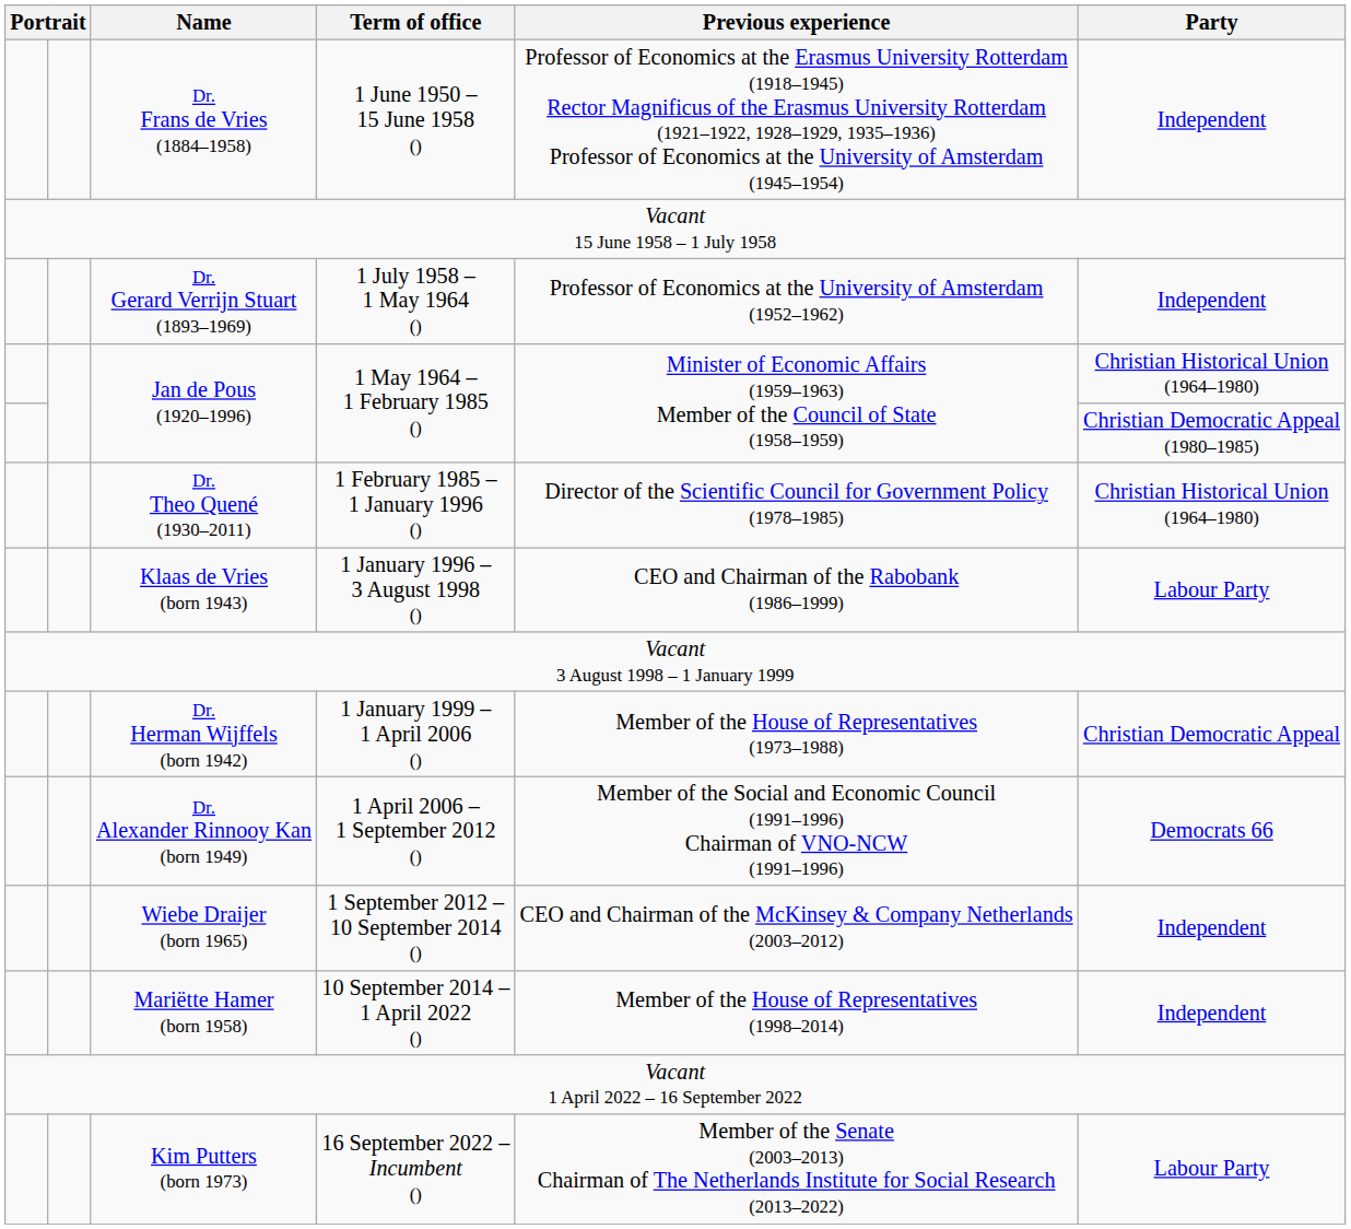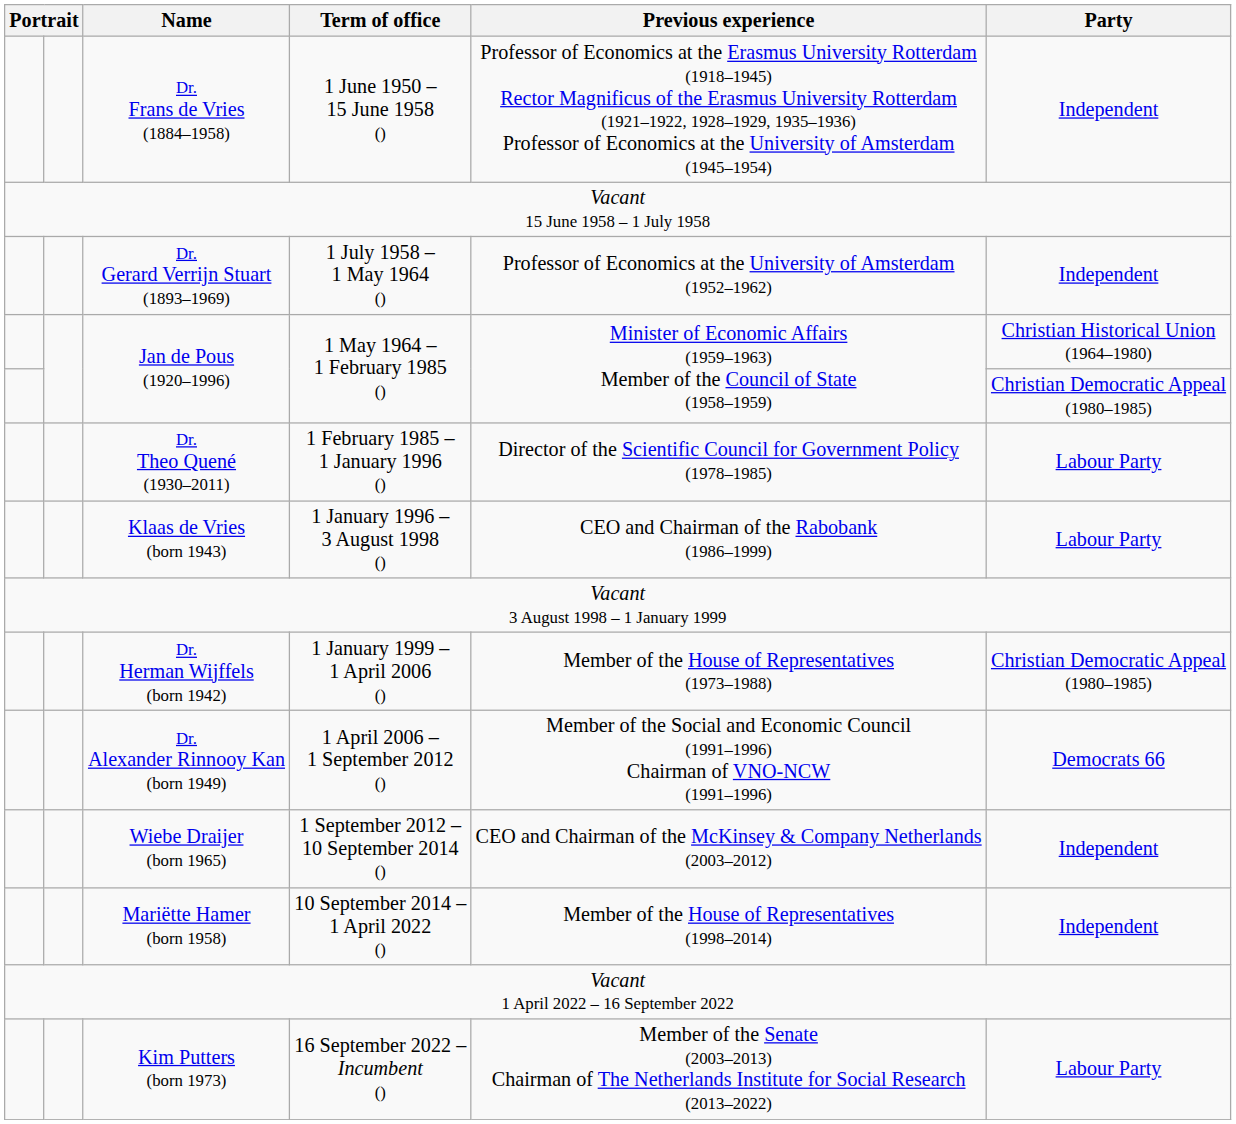 <table class="wikitable" style="text-align:center">
 <tr>
 <th colspan=2>Portrait</th>
 <th>Name</th>
 <th>Term of office</th>
 <th>Previous experience</th>
 <th>Party</th>
 </tr>
 <tr>
 <td style="background:"></td>
 <td></td>
 <td><small><a href='#'>Dr.</a></small> <br> <a href='#'>Frans de Vries</a> <br> <small>(1884–1958)</small></td>
 <td>1 June 1950 – <br> 15 June 1958 <br> <small>()</small> <br> </td>
 <td>Professor of Economics at the <a href='#'>Erasmus University Rotterdam</a> <br> <small>(1918–1945)</small> <br> <a href='#'>Rector Magnificus of the Erasmus University Rotterdam</a> <br> <small>(1921–1922, 1928–1929, 1935–1936)</small> <br> Professor of Economics at the <a href='#'>University of Amsterdam</a> <br> <small>(1945–1954)</small></td>
 <td><a href='#'>Independent</a></td>
 </tr>
 <tr>
 <td colspan=7><em>Vacant</em> <br> <small>15 June 1958 – 1 July 1958</small></td>
 </tr>
 <tr>
 <td style="background:"></td>
 <td></td>
 <td><small><a href='#'>Dr.</a></small> <br> <a href='#'>Gerard Verrijn Stuart</a> <br> <small>(1893–1969)</small></td>
 <td>1 July 1958 – <br> 1 May 1964 <br> <small>()</small></td>
 <td>Professor of Economics at the <a href='#'>University of Amsterdam</a> <br> <small>(1952–1962)</small></td>
 <td><a href='#'>Independent</a></td>
 </tr>
 <tr>
 <td style="background:"></td>
 <td rowspan=2></td>
 <td rowspan=2><a href='#'>Jan de Pous</a> <br> <small>(1920–1996)</small></td>
 <td rowspan=2>1 May 1964 – <br> 1 February 1985 <br> <small>()</small></td>
 <td rowspan=2><a href='#'>Minister of Economic Affairs</a> <br> <small>(1959–1963)</small> <br> Member of the <a href='#'>Council of State</a> <br> <small>(1958–1959)</small></td>
 <td><a href='#'>Christian Historical Union</a> <br> <small>(1964–1980)</small></td>
 </tr>
 <tr>
 <td style="background:"></td>
 <td><a href='#'>Christian Democratic Appeal</a> <br> <small>(1980–1985)</small></td>
 </tr>
 <tr>
 <td style="background:"></td>
 <td></td>
 <td><small><a href='#'>Dr.</a></small> <br> <a href='#'>Theo Quené</a> <br> <small>(1930–2011)</small></td>
 <td>1 February 1985 – <br> 1 January 1996 <br> <small>()</small></td>
 <td>Director of the <a href='#'>Scientific Council for Government Policy</a> <br> <small>(1978–1985)</small></td>
-<td><a href='#'>Christian Historical Union</a> <br> <small>(1964–1980)</small></td>
+<td><a href='#'>Labour Party</a></td>
 </tr>
 <tr>
 <td style="background:"></td>
 <td></td>
 <td><a href='#'>Klaas de Vries</a> <br> <small>(born 1943)</small></td>
 <td>1 January 1996 – <br> 3 August 1998 <br> <small>()</small> <br>  </td>
 <td>CEO and Chairman of the <a href='#'>Rabobank</a> <br> <small>(1986–1999)</small></td>
 <td><a href='#'>Labour Party</a></td>
 </tr>
 <tr>
 <td colspan=7><em>Vacant</em> <br> <small>3 August 1998 – 1 January 1999</small></td>
 </tr>
 <tr>
 <td style="background:"></td>
 <td></td>
 <td><small><a href='#'>Dr.</a></small> <br> <a href='#'>Herman Wijffels</a> <br> <small>(born 1942)</small></td>
 <td>1 January 1999 – <br> 1 April 2006 <br> <small>()</small></td>
 <td>Member of the <a href='#'>House of Representatives</a> <br> <small>(1973–1988)</small></td>
-<td><a href='#'>Christian Democratic Appeal</a></td>
+<td><a href='#'>Christian Democratic Appeal</a> <br> <small>(1980–1985)</small></td>
 </tr>
 <tr>
 <td style="background:"></td>
 <td></td>
 <td><small><a href='#'>Dr.</a></small> <br> <a href='#'>Alexander Rinnooy Kan</a> <br> <small>(born 1949)</small></td>
 <td>1 April 2006 – <br> 1 September 2012 <br> <small>()</small></td>
 <td>Member of the Social and Economic Council <br> <small>(1991–1996)</small> <br> Chairman of <a href='#'>VNO-NCW</a> <br> <small>(1991–1996)</small></td>
 <td><a href='#'>Democrats 66</a></td>
 </tr>
 <tr>
 <td style="background:"></td>
 <td></td>
 <td><a href='#'>Wiebe Draijer</a> <br> <small>(born 1965)</small></td>
 <td>1 September 2012 – <br> 10 September 2014 <br> <small>()</small> <br>  </td>
 <td>CEO and Chairman of the <a href='#'>McKinsey & Company Netherlands</a> <br> <small>(2003–2012)</small></td>
 <td><a href='#'>Independent</a></td>
 </tr>
 <tr>
 <td style="background:"></td>
 <td></td>
 <td><a href='#'>Mariëtte Hamer</a> <br> <small>(born 1958)</small></td>
 <td>10 September 2014 – <br> 1 April 2022 <br> <small>()</small></td>
 <td>Member of the <a href='#'>House of Representatives</a> <br> <small>(1998–2014)</small></td>
 <td><a href='#'>Independent</a></td>
 </tr>
 <tr>
 <td colspan=7><em>Vacant</em> <br> <small>1 April 2022 – 16 September 2022</small></td>
 </tr>
 <tr>
 <td style="background:"></td>
 <td></td>
 <td><a href='#'>Kim Putters</a> <br> <small>(born 1973)</small></td>
 <td>16 September 2022 – <br> <em>Incumbent</em> <br> <small>()</small></td>
 <td>Member of the <a href='#'>Senate</a> <br> <small>(2003–2013)</small> <br> Chairman of <a href='#'>The Netherlands Institute for Social Research</a> <br> <small>(2013–2022)</small></td>
 <td><a href='#'>Labour Party</a></td>
 </tr>
 </table>
